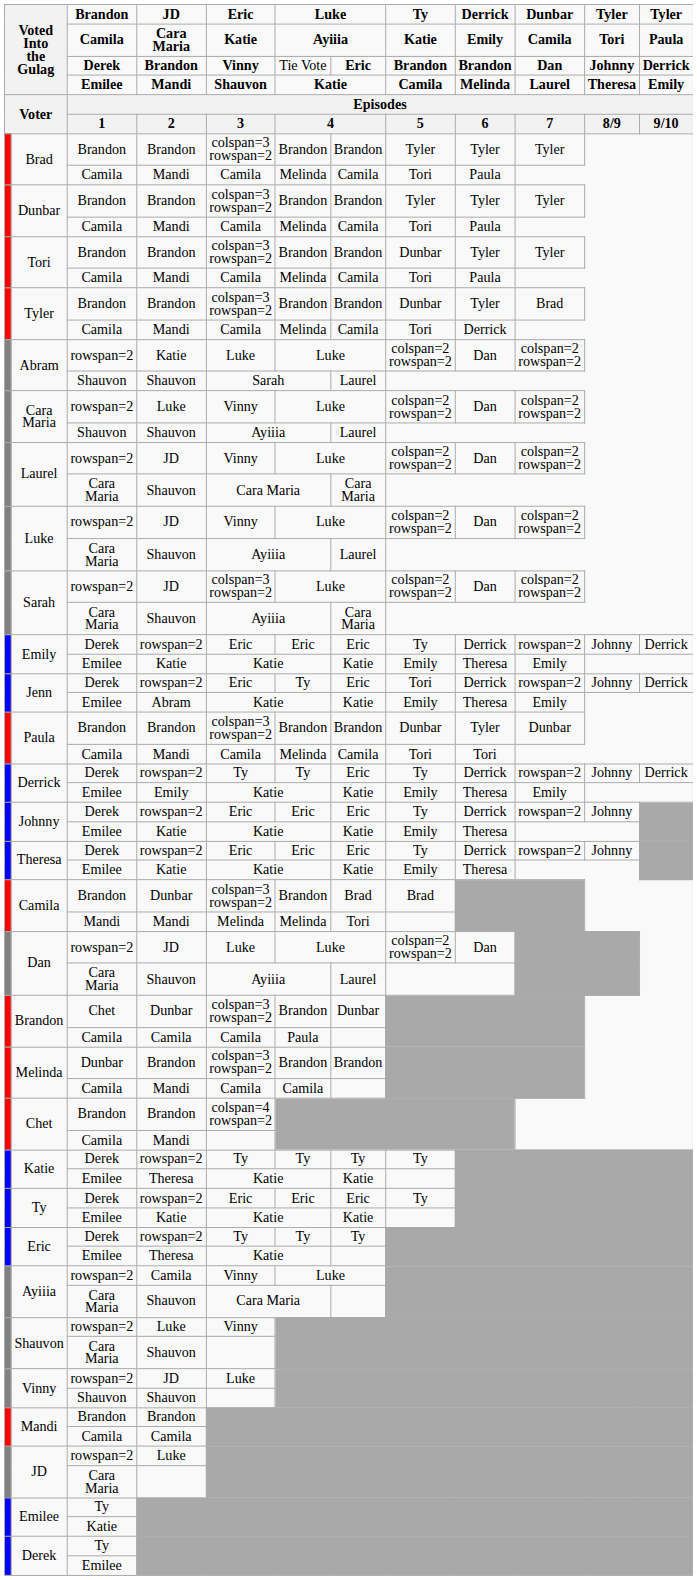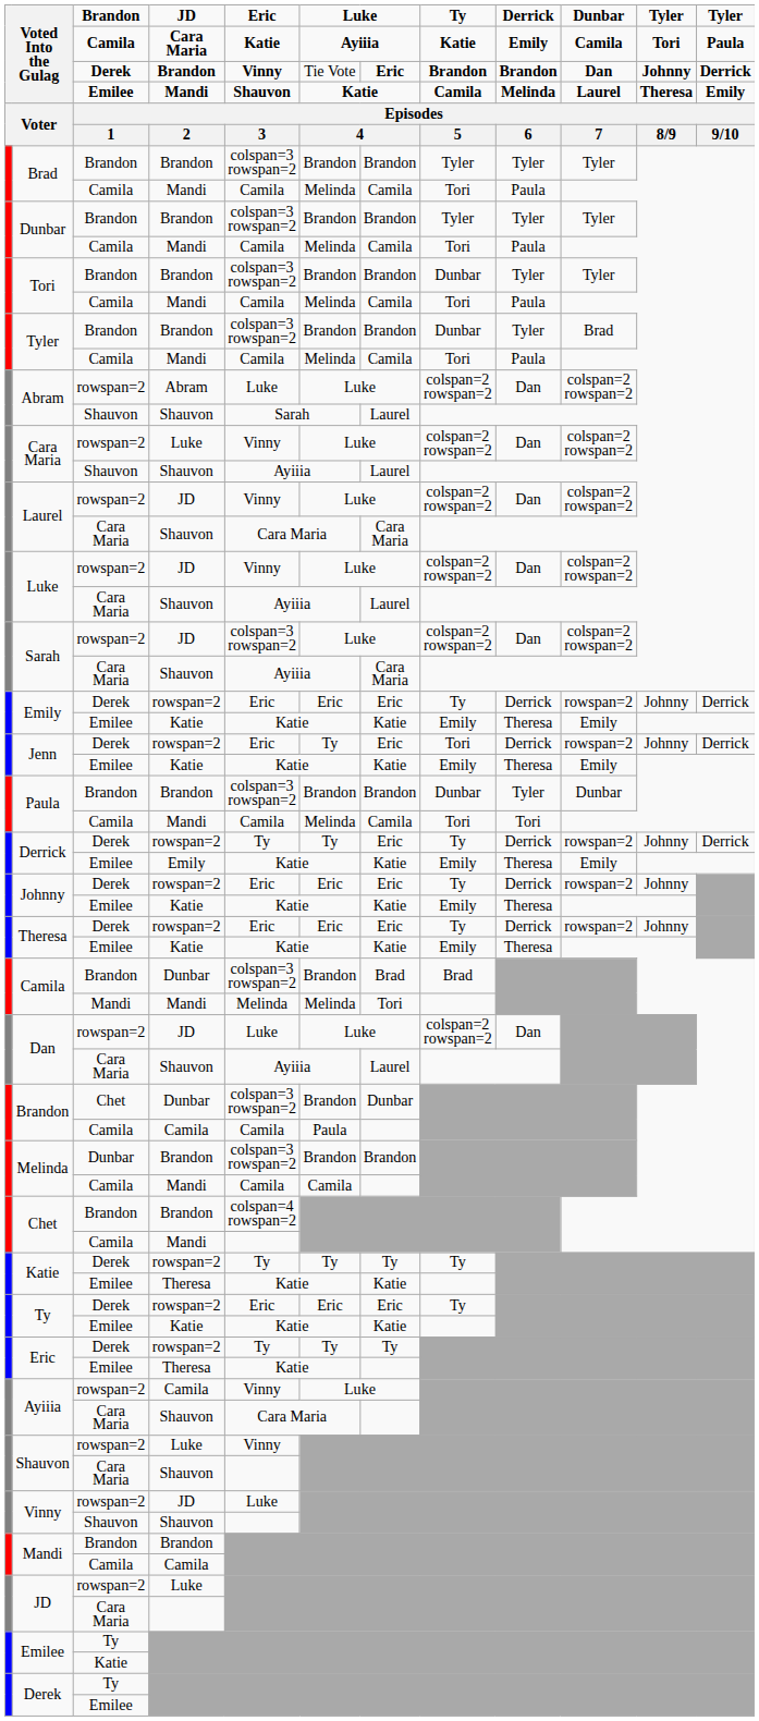 <table class="wikitable" style="text-align:center; line-height:13px; font-size:90%;">
 <tr>
 <th colspan=2 rowspan=4>Voted Into<br>the Gulag</th>
 <td><strong>Brandon</strong><br></td>
 <td><strong>JD</strong><br></td>
 <td><strong>Eric</strong><br></td>
 <td colspan=2><strong>Luke</strong><br></td>
 <td><strong>Ty</strong><br></td>
 <td><strong>Derrick</strong><br></td>
 <td><strong>Dunbar</strong><br></td>
 <td><strong>Tyler</strong><br></td>
 <td><strong>Tyler</strong><br></td>
 </tr>
 <tr>
 <td><strong>Camila</strong><br></td>
 <td><strong>Cara Maria</strong><br></td>
 <td><strong>Katie</strong><br></td>
 <td colspan=2><strong>Ayiiia</strong><br></td>
 <td><strong>Katie</strong><br></td>
 <td><strong>Emily</strong><br></td>
 <td><strong>Camila</strong><br></td>
 <td><strong>Tori</strong><br></td>
 <td><strong>Paula</strong><br></td>
 </tr>
 <tr>
 <td><strong>Derek</strong><br></td>
 <td><strong>Brandon</strong><br></td>
 <td><strong>Vinny</strong><br></td>
 <td>Tie Vote</td>
 <td><strong>Eric</strong><br></td>
 <td><strong>Brandon</strong><br></td>
 <td><strong>Brandon</strong><br></td>
 <td><strong>Dan</strong><br></td>
 <td><strong>Johnny</strong><br></td>
 <td><strong>Derrick</strong><br></td>
 </tr>
 <tr>
 <td><strong>Emilee</strong><br></td>
 <td><strong>Mandi</strong><br></td>
 <td><strong>Shauvon</strong><br></td>
 <td colspan=2><strong>Katie</strong><br></td>
 <td><strong>Camila</strong><br></td>
 <td><strong>Melinda</strong><br></td>
 <td><strong>Laurel</strong><br></td>
 <td><strong>Theresa</strong><br></td>
 <td><strong>Emily</strong><br></td>
 </tr>
 <tr>
 <th colspan=2 rowspan=2>Voter</th>
 <th colspan=10>Episodes</th>
 </tr>
 <tr>
 <th>1</th>
 <th>2</th>
 <th>3</th>
 <th colspan=2>4</th>
 <th>5</th>
 <th>6</th>
 <th>7</th>
 <th>8/9</th>
 <th>9/10</th>
 </tr>
 <tr>
 <td bgcolor="red" rowspan=2></td>
 <td rowspan=2>Brad</td>
 <td>Brandon</td>
 <td>Brandon</td>
 <td>colspan=3 rowspan=2 </td>
 <td>Brandon</td>
 <td>Brandon</td>
 <td>Tyler</td>
 <td>Tyler</td>
 <td>Tyler</td>
 </tr>
 <tr>
 <td>Camila</td>
 <td>Mandi</td>
 <td>Camila</td>
 <td>Melinda</td>
 <td>Camila</td>
 <td>Tori</td>
 <td>Paula</td>
 </tr>
 <tr>
 <td bgcolor="red" rowspan=2></td>
 <td rowspan=2>Dunbar</td>
 <td>Brandon</td>
 <td>Brandon</td>
 <td>colspan=3 rowspan=2 </td>
 <td>Brandon</td>
 <td>Brandon</td>
 <td>Tyler</td>
 <td>Tyler</td>
 <td>Tyler</td>
 </tr>
 <tr>
 <td>Camila</td>
 <td>Mandi</td>
 <td>Camila</td>
 <td>Melinda</td>
 <td>Camila</td>
 <td>Tori</td>
 <td>Paula</td>
 </tr>
 <tr>
 <td bgcolor="red" rowspan=2></td>
 <td rowspan=2>Tori</td>
 <td>Brandon</td>
 <td>Brandon</td>
 <td>colspan=3 rowspan=2 </td>
 <td>Brandon</td>
 <td>Brandon</td>
 <td>Dunbar</td>
 <td>Tyler</td>
 <td>Tyler</td>
 </tr>
 <tr>
 <td>Camila</td>
 <td>Mandi</td>
 <td>Camila</td>
 <td>Melinda</td>
 <td>Camila</td>
 <td>Tori</td>
 <td>Paula</td>
 </tr>
 <tr>
 <td bgcolor="red" rowspan=2></td>
 <td rowspan=2>Tyler</td>
 <td>Brandon</td>
 <td>Brandon</td>
 <td>colspan=3 rowspan=2 </td>
 <td>Brandon</td>
 <td>Brandon</td>
 <td>Dunbar</td>
 <td>Tyler</td>
 <td>Brad</td>
 </tr>
 <tr>
 <td>Camila</td>
 <td>Mandi</td>
 <td>Camila</td>
 <td>Melinda</td>
 <td>Camila</td>
 <td>Tori</td>
-<td>Derrick</td>
+<td>Paula</td>
 </tr>
 <tr>
 <td bgcolor="gray" rowspan=2></td>
 <td rowspan=2>Abram</td>
 <td>rowspan=2 </td>
-<td>Katie</td>
+<td>Abram</td>
 <td>Luke</td>
 <td colspan=2>Luke</td>
 <td>colspan=2 rowspan=2 </td>
 <td>Dan</td>
 <td>colspan=2 rowspan=2 </td>
 </tr>
 <tr>
 <td>Shauvon</td>
 <td>Shauvon</td>
 <td colspan=2>Sarah</td>
 <td>Laurel</td>
 </tr>
 <tr>
 <td bgcolor="gray" rowspan=2></td>
 <td rowspan=2>Cara Maria</td>
 <td>rowspan=2 </td>
 <td>Luke</td>
 <td>Vinny</td>
 <td colspan=2>Luke</td>
 <td>colspan=2 rowspan=2 </td>
 <td>Dan</td>
 <td>colspan=2 rowspan=2 </td>
 </tr>
 <tr>
 <td>Shauvon</td>
 <td>Shauvon</td>
 <td colspan=2>Ayiiia</td>
 <td>Laurel</td>
 </tr>
 <tr>
 <td bgcolor="gray" rowspan=2></td>
 <td rowspan=2>Laurel</td>
 <td>rowspan=2 </td>
 <td>JD</td>
 <td>Vinny</td>
 <td colspan=2>Luke</td>
 <td>colspan=2 rowspan=2 </td>
 <td>Dan</td>
 <td>colspan=2 rowspan=2 </td>
 </tr>
 <tr>
 <td>Cara Maria</td>
 <td>Shauvon</td>
 <td colspan=2>Cara Maria</td>
 <td>Cara Maria</td>
 </tr>
 <tr>
 <td bgcolor="gray" rowspan=2></td>
 <td rowspan=2>Luke</td>
 <td>rowspan=2 </td>
 <td>JD</td>
 <td>Vinny</td>
 <td colspan=2>Luke</td>
 <td>colspan=2 rowspan=2 </td>
 <td>Dan</td>
 <td>colspan=2 rowspan=2 </td>
 </tr>
 <tr>
 <td>Cara Maria</td>
 <td>Shauvon</td>
 <td colspan=2>Ayiiia</td>
 <td>Laurel</td>
 </tr>
 <tr>
 <td bgcolor="gray" rowspan=2></td>
 <td rowspan=2>Sarah</td>
 <td>rowspan=2 </td>
 <td>JD</td>
 <td>colspan=3 rowspan=2 </td>
 <td colspan=2>Luke</td>
 <td>colspan=2 rowspan=2 </td>
 <td>Dan</td>
 <td>colspan=2 rowspan=2 </td>
 </tr>
 <tr>
 <td>Cara Maria</td>
 <td>Shauvon</td>
 <td colspan=2>Ayiiia</td>
 <td>Cara Maria</td>
 </tr>
 <tr>
 <td bgcolor="blue" rowspan=2></td>
 <td rowspan=2>Emily</td>
 <td>Derek</td>
 <td>rowspan=2 </td>
 <td>Eric</td>
 <td>Eric</td>
 <td>Eric</td>
 <td>Ty</td>
 <td>Derrick</td>
 <td>rowspan=2 </td>
 <td>Johnny</td>
 <td>Derrick</td>
 </tr>
 <tr>
 <td>Emilee</td>
 <td>Katie</td>
 <td colspan=2>Katie</td>
 <td>Katie</td>
 <td>Emily</td>
 <td>Theresa</td>
 <td>Emily</td>
 </tr>
 <tr>
 <td bgcolor="blue" rowspan=2></td>
 <td rowspan=2>Jenn</td>
 <td>Derek</td>
 <td>rowspan=2 </td>
 <td>Eric</td>
 <td>Ty</td>
 <td>Eric</td>
 <td>Tori</td>
 <td>Derrick</td>
 <td>rowspan=2 </td>
 <td>Johnny</td>
 <td>Derrick</td>
 </tr>
 <tr>
 <td>Emilee</td>
-<td>Abram</td>
+<td>Katie</td>
 <td colspan=2>Katie</td>
 <td>Katie</td>
 <td>Emily</td>
 <td>Theresa</td>
 <td>Emily</td>
 </tr>
 <tr>
 <td bgcolor="red" rowspan=2></td>
 <td rowspan=2>Paula</td>
 <td>Brandon</td>
 <td>Brandon</td>
 <td>colspan=3 rowspan=2 </td>
 <td>Brandon</td>
 <td>Brandon</td>
 <td>Dunbar</td>
 <td>Tyler</td>
 <td>Dunbar</td>
 </tr>
 <tr>
 <td>Camila</td>
 <td>Mandi</td>
 <td>Camila</td>
 <td>Melinda</td>
 <td>Camila</td>
 <td>Tori</td>
 <td>Tori</td>
 </tr>
 <tr>
 <td bgcolor="blue" rowspan=2></td>
 <td rowspan=2>Derrick</td>
 <td>Derek</td>
 <td>rowspan=2 </td>
 <td>Ty</td>
 <td>Ty</td>
 <td>Eric</td>
 <td>Ty</td>
 <td>Derrick</td>
 <td>rowspan=2 </td>
 <td>Johnny</td>
 <td>Derrick</td>
 </tr>
 <tr>
 <td>Emilee</td>
 <td>Emily</td>
 <td colspan=2>Katie</td>
 <td>Katie</td>
 <td>Emily</td>
 <td>Theresa</td>
 <td>Emily</td>
 </tr>
 <tr>
 <td bgcolor="blue" rowspan=2></td>
 <td rowspan=2>Johnny</td>
 <td>Derek</td>
 <td>rowspan=2 </td>
 <td>Eric</td>
 <td>Eric</td>
 <td>Eric</td>
 <td>Ty</td>
 <td>Derrick</td>
 <td>rowspan=2 </td>
 <td>Johnny</td>
 <td bgcolor="darkgray" rowspan=2></td>
 </tr>
 <tr>
 <td>Emilee</td>
 <td>Katie</td>
 <td colspan=2>Katie</td>
 <td>Katie</td>
 <td>Emily</td>
 <td>Theresa</td>
 </tr>
 <tr>
 <td bgcolor="blue" rowspan=2></td>
 <td rowspan=2>Theresa</td>
 <td>Derek</td>
 <td>rowspan=2 </td>
 <td>Eric</td>
 <td>Eric</td>
 <td>Eric</td>
 <td>Ty</td>
 <td>Derrick</td>
 <td>rowspan=2 </td>
 <td>Johnny</td>
 <td bgcolor="darkgray" rowspan=2></td>
 </tr>
 <tr>
 <td>Emilee</td>
 <td>Katie</td>
 <td colspan=2>Katie</td>
 <td>Katie</td>
 <td>Emily</td>
 <td>Theresa</td>
 </tr>
 <tr>
 <td bgcolor="red" rowspan=2></td>
 <td rowspan=2>Camila</td>
 <td>Brandon</td>
 <td>Dunbar</td>
 <td>colspan=3 rowspan=2 </td>
 <td>Brandon</td>
 <td>Brad</td>
 <td>Brad</td>
 <td bgcolor="darkgray" colspan=2 rowspan=2></td>
 </tr>
 <tr>
 <td>Mandi</td>
 <td>Mandi</td>
 <td>Melinda</td>
 <td>Melinda</td>
 <td>Tori</td>
 </tr>
 <tr>
 <td bgcolor="gray" rowspan=2></td>
 <td rowspan=2>Dan</td>
 <td>rowspan=2 </td>
 <td>JD</td>
 <td>Luke</td>
 <td colspan=2>Luke</td>
 <td>colspan=2 rowspan=2 </td>
 <td>Dan</td>
 <td bgcolor="darkgray" colspan=2 rowspan=2></td>
 </tr>
 <tr>
 <td>Cara Maria</td>
 <td>Shauvon</td>
 <td colspan=2>Ayiiia</td>
 <td>Laurel</td>
 </tr>
 <tr>
 <td bgcolor="red" rowspan=2></td>
 <td rowspan=2>Brandon</td>
 <td>Chet</td>
 <td>Dunbar</td>
 <td>colspan=3 rowspan=2 </td>
 <td>Brandon</td>
 <td>Dunbar</td>
 <td bgcolor="darkgray" colspan=3 rowspan=2></td>
 </tr>
 <tr>
 <td>Camila</td>
 <td>Camila</td>
 <td>Camila</td>
 <td>Paula</td>
 </tr>
 <tr>
 <td bgcolor="red" rowspan=2></td>
 <td rowspan=2>Melinda</td>
 <td>Dunbar</td>
 <td>Brandon</td>
 <td>colspan=3 rowspan=2 </td>
 <td>Brandon</td>
 <td>Brandon</td>
 <td bgcolor="darkgray" colspan=3 rowspan=2></td>
 </tr>
 <tr>
 <td>Camila</td>
 <td>Mandi</td>
 <td>Camila</td>
 <td>Camila</td>
 </tr>
 <tr>
 <td bgcolor="red" rowspan=2></td>
 <td rowspan=2>Chet</td>
 <td>Brandon</td>
 <td>Brandon</td>
 <td>colspan=4 rowspan=2 </td>
 <td bgcolor="darkgray" colspan=4 rowspan=2></td>
 </tr>
 <tr>
 <td>Camila</td>
 <td>Mandi</td>
 </tr>
 <tr>
 <td bgcolor="blue" rowspan=2></td>
 <td rowspan=2>Katie</td>
 <td>Derek</td>
 <td>rowspan=2 </td>
 <td>Ty</td>
 <td>Ty</td>
 <td>Ty</td>
 <td>Ty</td>
 <td bgcolor="darkgray" colspan=4 rowspan=2></td>
 </tr>
 <tr>
 <td>Emilee</td>
 <td>Theresa</td>
 <td colspan=2>Katie</td>
 <td>Katie</td>
 </tr>
 <tr>
 <td bgcolor="blue" rowspan=2></td>
 <td rowspan=2>Ty</td>
 <td>Derek</td>
 <td>rowspan=2 </td>
 <td>Eric</td>
 <td>Eric</td>
 <td>Eric</td>
 <td>Ty</td>
 <td bgcolor="darkgray" colspan=4 rowspan=2></td>
 </tr>
 <tr>
 <td>Emilee</td>
 <td>Katie</td>
 <td colspan=2>Katie</td>
 <td>Katie</td>
 </tr>
 <tr>
 <td bgcolor="blue" rowspan=2></td>
 <td rowspan=2>Eric</td>
 <td>Derek</td>
 <td>rowspan=2 </td>
 <td>Ty</td>
 <td>Ty</td>
 <td>Ty</td>
 <td bgcolor="darkgray" colspan=5 rowspan=2></td>
 </tr>
 <tr>
 <td>Emilee</td>
 <td>Theresa</td>
 <td colspan=2>Katie</td>
 </tr>
 <tr>
 <td bgcolor="gray" rowspan=2></td>
 <td rowspan=2>Ayiiia</td>
 <td>rowspan=2 </td>
 <td>Camila</td>
 <td>Vinny</td>
 <td colspan=2>Luke</td>
 <td bgcolor="darkgray" colspan=5 rowspan=2></td>
 </tr>
 <tr>
 <td>Cara Maria</td>
 <td>Shauvon</td>
 <td colspan=2>Cara Maria</td>
 </tr>
 <tr>
 <td bgcolor="gray" rowspan=2></td>
 <td rowspan=2>Shauvon</td>
 <td>rowspan=2 </td>
 <td>Luke</td>
 <td>Vinny</td>
 <td bgcolor="darkgray" colspan=7 rowspan=2></td>
 </tr>
 <tr>
 <td>Cara Maria</td>
 <td>Shauvon</td>
 </tr>
 <tr>
 <td bgcolor="gray" rowspan=2></td>
 <td rowspan=2>Vinny</td>
 <td>rowspan=2 </td>
 <td>JD</td>
 <td>Luke</td>
 <td bgcolor="darkgray" colspan=7 rowspan=2></td>
 </tr>
 <tr>
 <td>Shauvon</td>
 <td>Shauvon</td>
 </tr>
 <tr>
 <td bgcolor="red" rowspan=2></td>
 <td rowspan=2>Mandi</td>
 <td>Brandon</td>
 <td>Brandon</td>
 <td bgcolor="darkgray" colspan=8 rowspan=2></td>
 </tr>
 <tr>
 <td>Camila</td>
 <td>Camila</td>
 </tr>
 <tr>
 <td bgcolor="gray" rowspan=2></td>
 <td rowspan=2>JD</td>
 <td>rowspan=2 </td>
 <td>Luke</td>
 <td bgcolor="darkgray" colspan=8 rowspan=2></td>
 </tr>
 <tr>
 <td>Cara Maria</td>
 </tr>
 <tr>
 <td bgcolor="blue" rowspan=2></td>
 <td rowspan=2>Emilee</td>
 <td>Ty</td>
 <td bgcolor="darkgray" colspan=9 rowspan=2></td>
 </tr>
 <tr>
 <td>Katie</td>
 </tr>
 <tr>
 <td bgcolor="blue" rowspan=2></td>
 <td rowspan=2>Derek</td>
 <td>Ty</td>
 <td bgcolor="darkgray" colspan=9 rowspan=2></td>
 </tr>
 <tr>
 <td>Emilee</td>
 </tr>
 </table>
